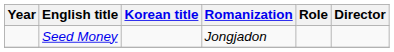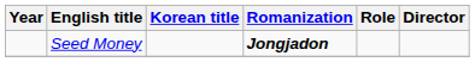 <table class="wikitable">
 <tr>
 <th>Year</th>
 <th>English title</th>
 <th><a href='#'>Korean title</a></th>
 <th><a href='#'>Romanization</a></th>
 <th>Role</th>
 <th>Director</th>
 </tr>
 <tr>
 <td></td>
 <td><em><a href='#'>Seed Money</a></em></td>
 <td></td>
-<td><em>Jongjadon</em></td>
+<td><strong><em>Jongjadon</em></strong></td>
 <td></td>
 <td></td>
 </tr>
 <tr>
 </tr>
 </table>
